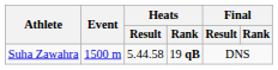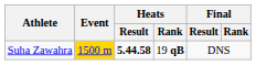 <table class="wikitable" style="font-size:90%">
 <tr>
 <th rowspan=2>Athlete</th>
 <th rowspan=2>Event</th>
 <th colspan=2>Heats</th>
 <th colspan=2>Final</th>
 </tr>
 <tr style="font-size:95%">
 <th>Result</th>
 <th>Rank</th>
 <th>Result</th>
 <th>Rank</th>
 </tr>
 <tr align=center>
 <td align=left><a href='#'>Suha Zawahra</a></td>
-<td align=left><a href='#'>1500 m</a></td>
-<td>5.44.58</td>
+<td align=left style="background: gold;"><a href='#'>1500 m</a></td>
+<td><strong>5.44.58</strong></td>
 <td>19 <strong>qB</strong></td>
 <td colspan=2>DNS</td>
 </tr>
 </table>
